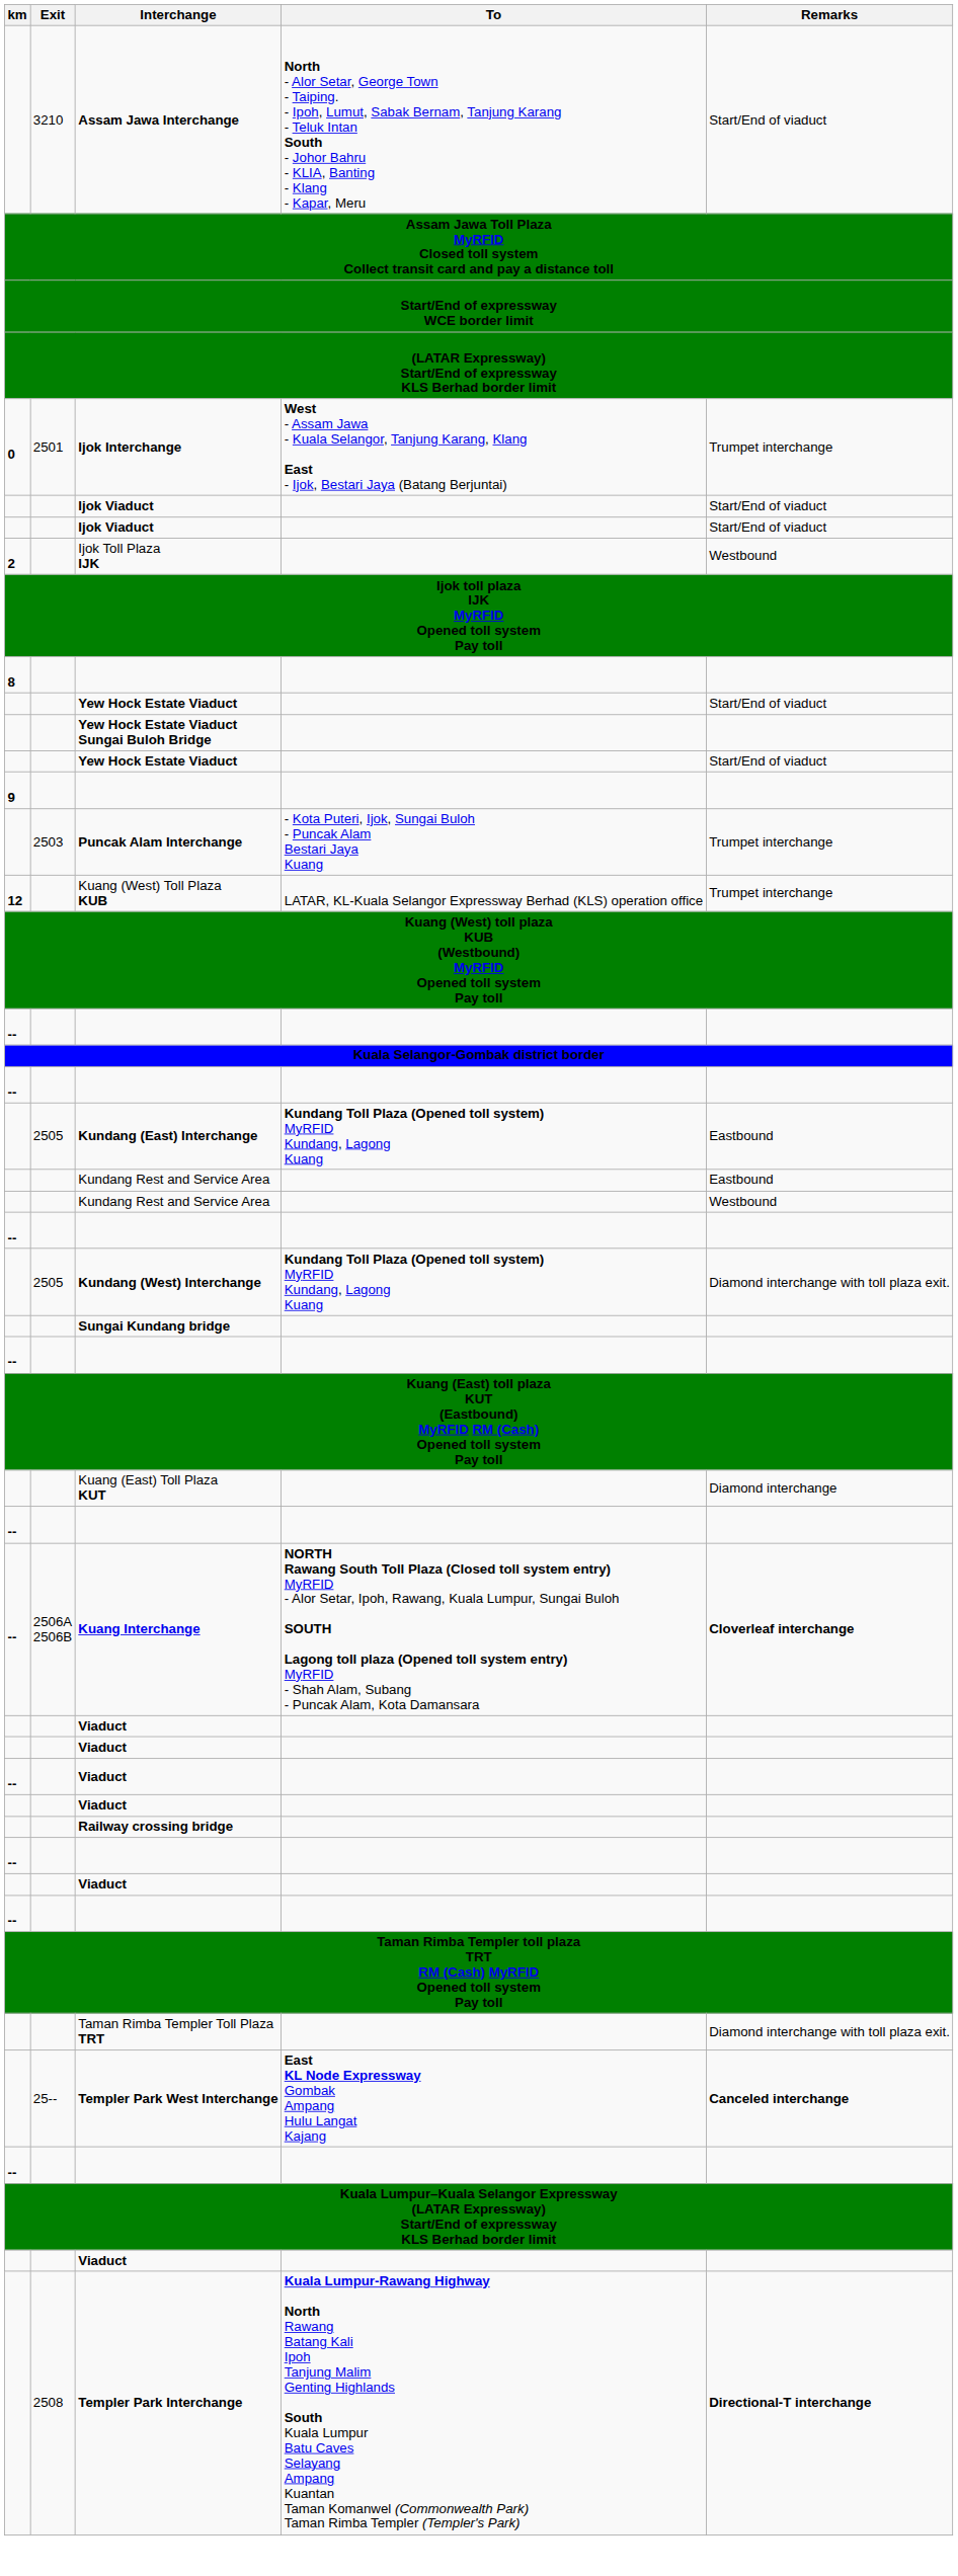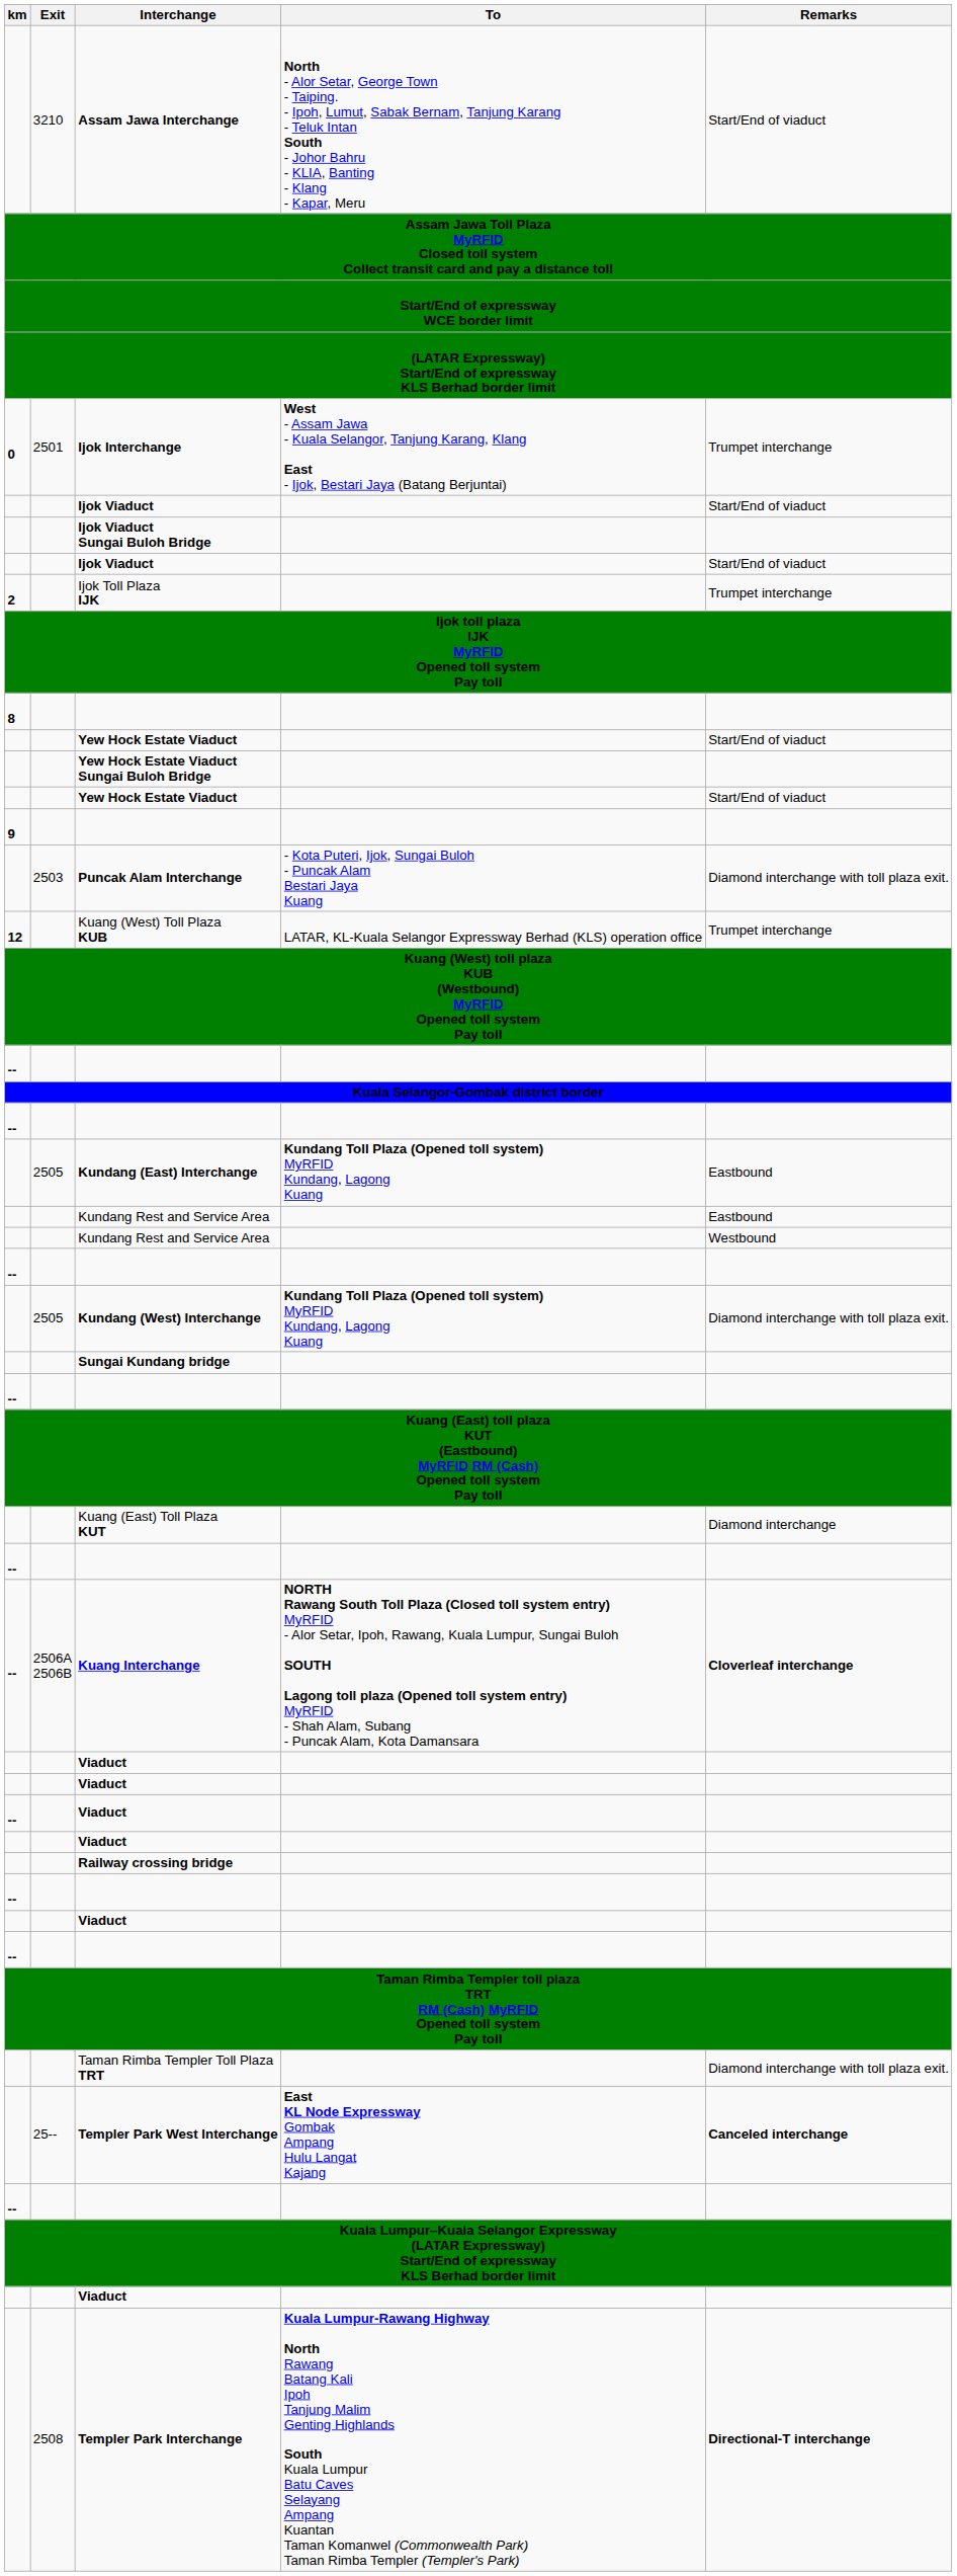 <table class=wikitable>
 <tr>
 <th>km</th>
 <th>Exit</th>
 <th>Interchange</th>
 <th>To</th>
 <th>Remarks</th>
 </tr>
 <tr>
 <td></td>
 <td>3210</td>
 <td><strong>Assam Jawa Interchange</strong></td>
 <td><strong></strong><br><br><strong>North</strong><br><strong></strong> - <a href='#'>Alor Setar</a>, <a href='#'>George Town</a><br><strong></strong> - <a href='#'>Taiping</a>.<br><strong></strong> - <a href='#'>Ipoh</a>, <a href='#'>Lumut</a>, <a href='#'>Sabak Bernam</a>, <a href='#'>Tanjung Karang</a><br><strong></strong> - <a href='#'>Teluk Intan</a><br><strong>South</strong><br><strong></strong> - <a href='#'>Johor Bahru</a> <br><strong></strong> - <a href='#'>KLIA</a>, <a href='#'>Banting</a> <br><strong></strong> - <a href='#'>Klang</a> <br><strong></strong> - <a href='#'>Kapar</a>, Meru</td>
 <td>Start/End of viaduct</td>
 </tr>
 <tr>
 <td colspan="5" style="text-align:center" bgcolor="green"><strong><span>Assam Jawa Toll Plaza<br>   <a href='#'><span>My</span><span>RFID</span></a>   <br>Closed toll system<br>Collect transit card and pay a distance toll</span></strong></td>
 </tr>
 <tr>
 <td colspan="5" style="text-align:center" bgcolor="green"><strong><span><br>Start/End of expressway<br>WCE border limit</span></strong></td>
 </tr>
 <tr>
 <td colspan="5" style="text-align:center" bgcolor="green"><strong><span><br>(LATAR Expressway)<br>Start/End of expressway<br>KLS Berhad border limit</span></strong></td>
 </tr>
 <tr>
 <td><br><strong>0</strong></td>
 <td>2501</td>
 <td><strong>Ijok Interchange</strong></td>
 <td><strong>West</strong><br><strong></strong> - <a href='#'>Assam Jawa</a><br><strong></strong> - <a href='#'>Kuala Selangor</a>, <a href='#'>Tanjung Karang</a>, <a href='#'>Klang</a> <br><br><strong>East</strong><br><strong></strong> - <a href='#'>Ijok</a>, <a href='#'>Bestari Jaya</a> (Batang Berjuntai)</td>
 <td>Trumpet interchange</td>
 </tr>
 <tr>
 <td></td>
 <td></td>
 <td><strong>Ijok Viaduct</strong></td>
 <td></td>
 <td>Start/End of viaduct</td>
 </tr>
 <tr>
 <td></td>
 <td></td>
+<td><strong>Ijok Viaduct</strong><br><strong>Sungai Buloh Bridge</strong></td>
+<td></td>
+<td></td>
+</tr>
+<tr>
+<td></td>
+<td></td>
 <td><strong>Ijok Viaduct</strong></td>
 <td></td>
 <td>Start/End of viaduct</td>
 </tr>
 <tr>
 <td><br><strong>2</strong></td>
 <td></td>
 <td> Ijok Toll Plaza<br><strong>IJK</strong></td>
 <td>  </td>
-<td>Westbound</td>
+<td>Trumpet interchange</td>
 </tr>
 <tr>
 <td colspan="5" style="text-align:center" bgcolor="green"><strong><span>Ijok toll plaza<br>IJK<br>   <a href='#'><span>My</span><span>RFID</span></a>   <br>Opened toll system<br>Pay toll</span></strong></td>
 </tr>
 <tr>
 <td><br><strong>8</strong></td>
 <td></td>
 <td></td>
 <td></td>
 <td></td>
 </tr>
 <tr>
 <td></td>
 <td></td>
 <td><strong>Yew Hock Estate Viaduct</strong></td>
 <td></td>
 <td>Start/End of viaduct</td>
 </tr>
 <tr>
 <td></td>
 <td></td>
 <td><strong>Yew Hock Estate Viaduct</strong><br><strong>Sungai Buloh Bridge</strong></td>
 <td></td>
 <td></td>
 </tr>
 <tr>
 <td></td>
 <td></td>
 <td><strong>Yew Hock Estate Viaduct</strong></td>
 <td></td>
 <td>Start/End of viaduct</td>
 </tr>
 <tr>
 <td><br><strong>9</strong></td>
 <td></td>
 <td></td>
 <td></td>
 <td></td>
 </tr>
 <tr>
 <td></td>
 <td>2503</td>
 <td><strong>Puncak Alam Interchange</strong></td>
 <td><strong></strong> - <a href='#'>Kota Puteri</a>, <a href='#'>Ijok</a>, <a href='#'>Sungai Buloh</a><br><strong></strong> - <a href='#'>Puncak Alam</a><br> <a href='#'>Bestari Jaya</a><br> <a href='#'>Kuang</a></td>
-<td>Trumpet interchange</td>
+<td>Diamond interchange with toll plaza exit.</td>
 </tr>
 <tr>
 <td><br><strong>12</strong></td>
 <td></td>
 <td> Kuang (West) Toll Plaza<br><strong>KUB</strong></td>
 <td>  <br>LATAR, KL-Kuala Selangor Expressway Berhad (KLS) operation office</td>
 <td>Trumpet interchange</td>
 </tr>
 <tr>
 <td colspan="5" style="text-align:center" bgcolor="green"><strong><span>Kuang (West) toll plaza<br>KUB<br>(Westbound)<br>   <a href='#'><span>My</span><span>RFID</span></a><br>Opened toll system<br>Pay toll</span></strong></td>
 </tr>
 <tr>
 <td><br><strong>--</strong></td>
 <td></td>
 <td></td>
 <td></td>
 <td></td>
 </tr>
 <tr>
 <td colspan="5" style="text-align:center" bgcolor="blue"><strong><span>Kuala Selangor-Gombak district border</span></strong></td>
 </tr>
 <tr>
 <td><br><strong>--</strong></td>
 <td></td>
 <td></td>
 <td></td>
 <td></td>
 </tr>
 <tr>
 <td></td>
 <td>2505</td>
 <td><strong>Kundang (East) Interchange</strong></td>
 <td><strong>Kundang Toll Plaza (Opened toll system)</strong><br>  <a href='#'><span>My</span><span>RFID</span></a><br><strong></strong> <a href='#'>Kundang</a>, <a href='#'>Lagong</a><br> <a href='#'>Kuang</a></td>
 <td>Eastbound</td>
 </tr>
 <tr>
 <td></td>
 <td></td>
 <td> Kundang Rest and Service Area</td>
 <td>   </td>
 <td>Eastbound</td>
 </tr>
 <tr>
 <td></td>
 <td></td>
 <td> Kundang Rest and Service Area</td>
 <td>   </td>
 <td>Westbound</td>
 </tr>
 <tr>
 <td><br><strong>--</strong></td>
 <td></td>
 <td></td>
 <td></td>
 <td></td>
 </tr>
 <tr>
 <td></td>
 <td>2505</td>
 <td><strong>Kundang (West) Interchange</strong></td>
 <td><strong>Kundang Toll Plaza (Opened toll system)</strong><br>  <a href='#'><span>My</span><span>RFID</span></a><br> <a href='#'>Kundang</a>, <a href='#'>Lagong</a><br> <a href='#'>Kuang</a></td>
 <td>Diamond interchange with toll plaza exit.</td>
 </tr>
 <tr>
 <td></td>
 <td></td>
 <td><strong>Sungai Kundang bridge</strong></td>
 <td></td>
 <td></td>
 </tr>
 <tr>
 <td><br><strong>--</strong></td>
 <td></td>
 <td></td>
 <td></td>
 <td></td>
 </tr>
 <tr>
 <td colspan="5" style="text-align:center" bgcolor="green"><strong><span>Kuang (East) toll plaza<br>KUT<br>(Eastbound)<br><a href='#'><span>My</span><span>RFID</span></a>    <a href='#'><span>RM (Cash)</span></a><br>Opened toll system<br>Pay toll</span></strong></td>
 </tr>
 <tr>
 <td></td>
 <td></td>
 <td> Kuang (East) Toll Plaza<br><strong>KUT</strong></td>
 <td>  </td>
 <td>Diamond interchange</td>
 </tr>
 <tr>
 <td><br><strong>--</strong></td>
 <td></td>
 <td></td>
 <td></td>
 <td></td>
 </tr>
 <tr>
 <td><br><strong>--</strong></td>
 <td>2506A<br>2506B</td>
 <td><strong><a href='#'>Kuang Interchange</a></strong></td>
 <td><strong>NORTH</strong><br><strong>Rawang South Toll Plaza (Closed toll system entry)</strong><br>  <a href='#'><span>My</span><span>RFID</span></a><br><strong></strong> <strong></strong> - Alor Setar, Ipoh, Rawang, Kuala Lumpur, Sungai Buloh<br><br><strong>SOUTH</strong><br><strong></strong><br><strong>Lagong toll plaza (Opened toll system entry)</strong><br><a href='#'><span>My</span><span>RFID</span></a>  <br><strong></strong> - Shah Alam, Subang<br> <strong></strong> - Puncak Alam, Kota Damansara</td>
 <td><strong>Cloverleaf interchange</strong></td>
 </tr>
 <tr>
 <td></td>
 <td></td>
 <td><strong>Viaduct</strong></td>
 <td></td>
 <td></td>
 </tr>
 <tr>
 <td></td>
 <td></td>
 <td><strong>Viaduct</strong></td>
 <td></td>
 <td></td>
 </tr>
 <tr>
 <td><br><strong>--</strong></td>
 <td></td>
 <td><strong>Viaduct</strong></td>
 <td></td>
 <td></td>
 </tr>
 <tr>
 <td></td>
 <td></td>
 <td><strong>Viaduct</strong></td>
 <td></td>
 <td></td>
 </tr>
 <tr>
 <td></td>
 <td></td>
 <td><strong>Railway crossing bridge</strong></td>
 <td></td>
 <td></td>
 </tr>
 <tr>
 <td><br><strong>--</strong></td>
 <td></td>
 <td></td>
 <td></td>
 <td></td>
 </tr>
 <tr>
 <td></td>
 <td></td>
 <td><strong>Viaduct</strong></td>
 <td></td>
 <td></td>
 </tr>
 <tr>
 <td><br><strong>--</strong></td>
 <td></td>
 <td></td>
 <td></td>
 <td></td>
 </tr>
 <tr>
 <td colspan="5" style="text-align:center" bgcolor="green"><strong><span>Taman Rimba Templer toll plaza<br>TRT<br><a href='#'><span>RM (Cash)</span></a>    <a href='#'><span>My</span><span>RFID</span></a>   <br>Opened toll system<br>Pay toll</span></strong></td>
 </tr>
 <tr>
 <td></td>
 <td></td>
 <td> Taman Rimba Templer Toll Plaza<br><strong>TRT</strong></td>
 <td>  </td>
 <td>Diamond interchange with toll plaza exit.</td>
 </tr>
 <tr>
 <td></td>
 <td>25--</td>
 <td><strong>Templer Park West Interchange</strong></td>
 <td><strong>East</strong><br> <strong><a href='#'>KL Node Expressway</a></strong><br><a href='#'>Gombak</a><br><a href='#'>Ampang</a><br><a href='#'>Hulu Langat</a><br><a href='#'>Kajang</a></td>
 <td><strong>Canceled interchange</strong></td>
 </tr>
 <tr>
 <td><br><strong>--</strong></td>
 <td></td>
 <td></td>
 <td></td>
 <td></td>
 </tr>
 <tr>
 <td colspan="5" style="text-align:center" bgcolor="green"><strong><span> Kuala Lumpur–Kuala Selangor Expressway<br>(LATAR Expressway)<br>Start/End of expressway<br>KLS Berhad border limit</span></strong></td>
 </tr>
 <tr>
 <td></td>
 <td></td>
 <td><strong>Viaduct</strong></td>
 <td></td>
 <td></td>
 </tr>
 <tr>
 <td></td>
 <td>2508</td>
 <td><strong>Templer Park Interchange</strong></td>
 <td> <strong><a href='#'>Kuala Lumpur-Rawang Highway</a></strong><br><br><strong>North</strong><br><a href='#'>Rawang</a><br><a href='#'>Batang Kali</a><br><a href='#'>Ipoh</a><br><a href='#'>Tanjung Malim</a><br> <a href='#'>Genting Highlands</a><br><br><strong>South</strong><br>Kuala Lumpur<br><a href='#'>Batu Caves</a><br><a href='#'>Selayang</a><br> <a href='#'>Ampang</a><br>  Kuantan<br>Taman Komanwel <em>(Commonwealth Park)</em><br>Taman Rimba Templer <em>(Templer's Park)</em></td>
 <td><strong>Directional-T interchange</strong></td>
 </tr>
 </table>
